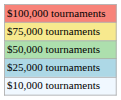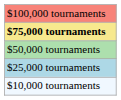 <table class="wikitable" style="font-size:85%;" width=11%>
 <tr bgcolor="#f88379">
 <td>$100,000 tournaments</td>
 </tr>
 <tr bgcolor="#f7e98e">
-<td>$75,000 tournaments</td>
+<td><strong>$75,000 tournaments</strong></td>
 </tr>
 <tr bgcolor="#addfad">
 <td>$50,000 tournaments</td>
 </tr>
 <tr bgcolor="lightblue">
 <td>$25,000 tournaments</td>
 </tr>
 <tr bgcolor="#f0f8ff">
 <td>$10,000 tournaments</td>
 </tr>
 </table>
